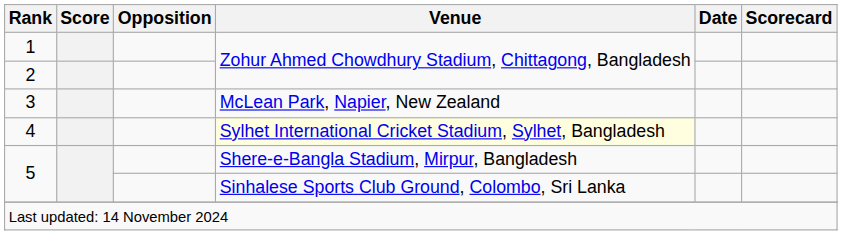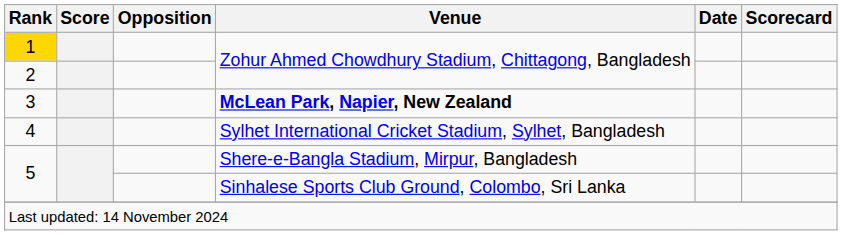 <table class="wikitable plainrowheaders sortable">
 <tr>
 <th scope=col>Rank</th>
 <th scope=col>Score</th>
 <th scope=col>Opposition</th>
 <th scope=col>Venue</th>
 <th scope=col>Date</th>
 <th scope=col>Scorecard</th>
 </tr>
 <tr>
-<td align=center>1</td>
+<td align=center style="background: gold;">1</td>
 <th scope=row style=text-align:center;></th>
 <td></td>
 <td rowspan="2"><a href='#'>Zohur Ahmed Chowdhury Stadium</a>, <a href='#'>Chittagong</a>, Bangladesh</td>
 <td></td>
 <td></td>
 </tr>
 <tr>
 <td align=center>2</td>
 <th scope=row style=text-align:center;></th>
 <td></td>
 <td></td>
 <td></td>
 </tr>
 <tr>
 <td align=center>3</td>
 <th scope=row style=text-align:center;></th>
 <td></td>
-<td><a href='#'>McLean Park</a>, <a href='#'>Napier</a>, New Zealand</td>
+<td><strong><a href='#'>McLean Park</a>, <a href='#'>Napier</a>, New Zealand</strong></td>
 <td></td>
 <td></td>
 </tr>
 <tr>
 <td align="center">4</td>
 <th scope="row" style="text-align:center;"></th>
 <td></td>
-<td style="background: lightyellow;"><a href='#'>Sylhet International Cricket Stadium</a>, <a href='#'>Sylhet</a>, Bangladesh</td>
+<td><a href='#'>Sylhet International Cricket Stadium</a>, <a href='#'>Sylhet</a>, Bangladesh</td>
 <td></td>
 <td></td>
 </tr>
 <tr>
 <td rowspan="2" align="center">5</td>
 <th rowspan="2" scope="row" style="text-align:center;"></th>
 <td></td>
 <td><a href='#'>Shere-e-Bangla Stadium</a>, <a href='#'>Mirpur</a>, Bangladesh</td>
 <td></td>
 <td></td>
 </tr>
 <tr>
 <td></td>
 <td><a href='#'>Sinhalese Sports Club Ground</a>, <a href='#'>Colombo</a>, Sri Lanka</td>
 <td></td>
 <td></td>
 </tr>
 <tr>
 </tr>
 <tr class=sortbottom>
 <td colspan=6><small>Last updated: 14 November 2024</small></td>
 </tr>
 </table>
